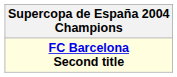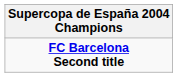 <table class=wikitable style="text-align:center; margin:auto">
 <tr>
 <th>Supercopa de España 2004 <br> Champions</th>
 </tr>
 <tr>
-<td style="background: lightyellow;"><strong><a href='#'>FC Barcelona</a></strong> <br> <strong>Second title</strong></td>
+<td><strong><a href='#'>FC Barcelona</a></strong> <br> <strong>Second title</strong></td>
 </tr>
 </table>
